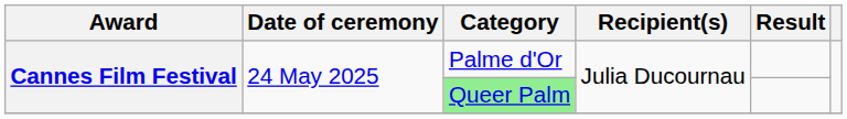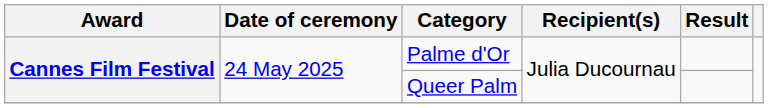 <table class="wikitable sortable plainrowheaders">
 <tr>
 <th scope="col">Award</th>
 <th scope="col">Date of ceremony</th>
 <th scope="col">Category</th>
 <th scope="col">Recipient(s)</th>
 <th scope="col">Result</th>
 <th scope="col" class="unsortable"></th>
 </tr>
 <tr>
 <th scope="row" rowspan="2"><a href='#'>Cannes Film Festival</a></th>
 <td rowspan="2"><a href='#'>24 May 2025</a></td>
 <td><a href='#'>Palme d'Or</a></td>
 <td rowspan="2">Julia Ducournau</td>
 <td></td>
 <td align="center" rowspan="2"></td>
 </tr>
 <tr>
-<td style="background: lightgreen;"><a href='#'>Queer Palm</a></td>
+<td><a href='#'>Queer Palm</a></td>
 <td></td>
 </tr>
 <tr>
 </tr>
 </table>
